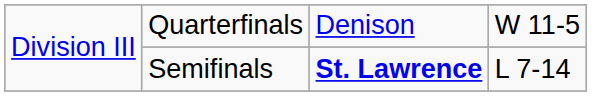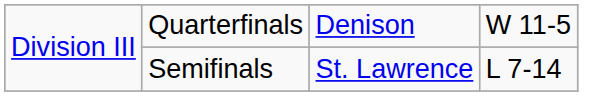 <table class="wikitable">
 <tr>
 <td rowspan="2"><a href='#'>Division III</a></td>
 <td>Quarterfinals</td>
 <td><a href='#'>Denison</a></td>
 <td>W 11-5</td>
 </tr>
 <tr>
 <td>Semifinals</td>
-<td><strong><a href='#'>St. Lawrence</a></strong></td>
+<td><a href='#'>St. Lawrence</a></td>
 <td>L 7-14</td>
 </tr>
 </table>
